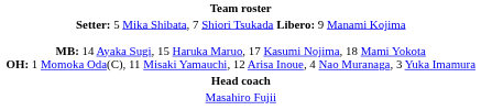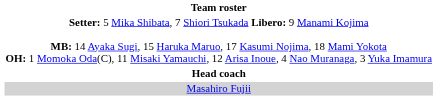 <table style="text-align: center; margin-top: 2em; margin-left: auto; margin-right: auto">
 <tr>
 <td><strong>Team roster</strong></td>
 </tr>
 <tr>
 <td><strong>Setter:</strong> 5 <a href='#'>Mika Shibata</a>, 7 <a href='#'>Shiori Tsukada</a> <strong>Libero:</strong> 9 <a href='#'>Manami Kojima</a><br><br><strong>MB:</strong> 14 <a href='#'>Ayaka Sugi</a>, 15 <a href='#'>Haruka Maruo</a>, 17 <a href='#'>Kasumi Nojima</a>, 18 <a href='#'>Mami Yokota</a><br> <strong>OH:</strong> 1 <a href='#'>Momoka Oda</a>(C), 11 <a href='#'>Misaki Yamauchi</a>, 12 <a href='#'>Arisa Inoue</a>, 4 <a href='#'>Nao Muranaga</a>, 3 <a href='#'>Yuka Imamura</a></td>
 </tr>
 <tr>
 <td><strong>Head coach</strong></td>
 </tr>
 <tr>
-<td><a href='#'>Masahiro Fujii</a></td>
+<td style="background: lightgrey;"><a href='#'>Masahiro Fujii</a></td>
 </tr>
 </table>
